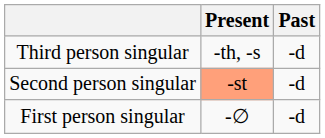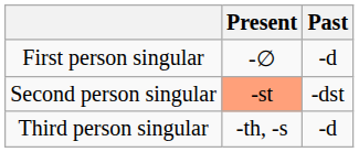 <table class="wikitable" style="text-align: center;">
 <tr>
 <th></th>
 <th>Present</th>
 <th>Past</th>
 </tr>
 <tr>
-<td>Third person singular</td>
-<td>-th, -s</td>
+<td>First person singular</td>
+<td>-∅</td>
 <td>-d</td>
 </tr>
 <tr>
 <td>Second person singular</td>
 <td style="background: lightsalmon;">-st</td>
-<td>-d</td>
+<td>-dst</td>
 </tr>
 <tr>
-<td>First person singular</td>
-<td>-∅</td>
+<td>Third person singular</td>
+<td>-th, -s</td>
 <td>-d</td>
 </tr>
 </table>
